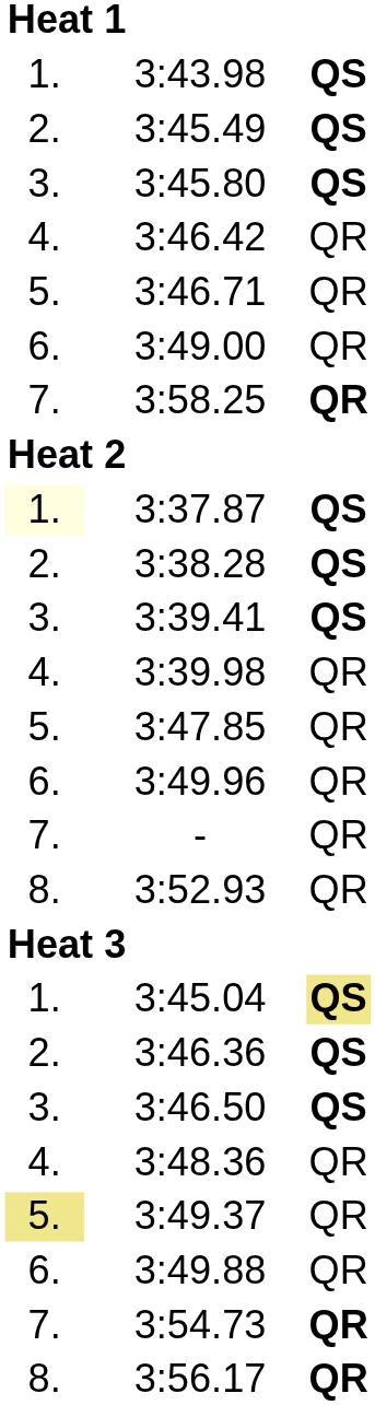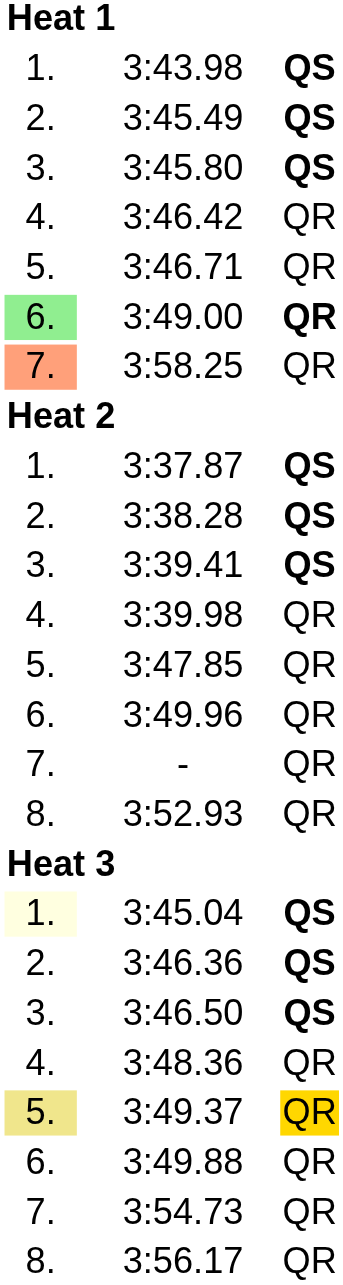 <table style="text-align:center">
 <tr>
 <td colspan=4 align=left><strong>Heat 1</strong></td>
 </tr>
 <tr>
 <td width=30>1.</td>
 <td align=left></td>
 <td width=80>3:43.98</td>
 <td><strong>QS</strong></td>
 </tr>
 <tr>
 <td>2.</td>
 <td align=left></td>
 <td>3:45.49</td>
 <td><strong>QS</strong></td>
 </tr>
 <tr>
 <td>3.</td>
 <td align=left></td>
 <td>3:45.80</td>
 <td><strong>QS</strong></td>
 </tr>
 <tr>
 <td>4.</td>
 <td align=left></td>
 <td>3:46.42</td>
 <td>QR</td>
 </tr>
 <tr>
 <td>5.</td>
 <td align=left></td>
 <td>3:46.71</td>
 <td>QR</td>
 </tr>
 <tr>
-<td>6.</td>
+<td style="background: lightgreen;">6.</td>
 <td align=left></td>
 <td>3:49.00</td>
-<td>QR</td>
+<td><strong>QR</strong></td>
 </tr>
 <tr>
-<td>7.</td>
+<td style="background: lightsalmon;">7.</td>
 <td align=left></td>
 <td>3:58.25</td>
-<td><strong>QR</strong></td>
+<td>QR</td>
 </tr>
 <tr>
 <td colspan=4 align=left><strong>Heat 2</strong></td>
 </tr>
 <tr>
-<td style="background: lightyellow;">1.</td>
+<td>1.</td>
 <td align=left></td>
 <td>3:37.87</td>
 <td><strong>QS</strong></td>
 </tr>
 <tr>
 <td>2.</td>
 <td align=left></td>
 <td>3:38.28</td>
 <td><strong>QS</strong></td>
 </tr>
 <tr>
 <td>3.</td>
 <td align=left></td>
 <td>3:39.41</td>
 <td><strong>QS</strong></td>
 </tr>
 <tr>
 <td>4.</td>
 <td align=left></td>
 <td>3:39.98</td>
 <td>QR</td>
 </tr>
 <tr>
 <td>5.</td>
 <td align=left></td>
 <td>3:47.85</td>
 <td>QR</td>
 </tr>
 <tr>
 <td>6.</td>
 <td align=left></td>
 <td>3:49.96</td>
 <td>QR</td>
 </tr>
 <tr>
 <td>7.</td>
 <td align=left></td>
 <td>-</td>
 <td>QR</td>
 </tr>
 <tr>
 <td>8.</td>
 <td align=left></td>
 <td>3:52.93</td>
 <td>QR</td>
 </tr>
 <tr>
 <td colspan=4 align=left><strong>Heat 3</strong></td>
 </tr>
 <tr>
-<td>1.</td>
+<td style="background: lightyellow;">1.</td>
 <td align=left></td>
 <td>3:45.04</td>
-<td style="background: khaki;"><strong>QS</strong></td>
+<td><strong>QS</strong></td>
 </tr>
 <tr>
 <td>2.</td>
 <td align=left></td>
 <td>3:46.36</td>
 <td><strong>QS</strong></td>
 </tr>
 <tr>
 <td>3.</td>
 <td align=left></td>
 <td>3:46.50</td>
 <td><strong>QS</strong></td>
 </tr>
 <tr>
 <td>4.</td>
 <td align=left></td>
 <td>3:48.36</td>
 <td>QR</td>
 </tr>
 <tr>
 <td style="background: khaki;">5.</td>
 <td align=left></td>
 <td>3:49.37</td>
-<td>QR</td>
+<td style="background: gold;">QR</td>
 </tr>
 <tr>
 <td>6.</td>
 <td align=left></td>
 <td>3:49.88</td>
 <td>QR</td>
 </tr>
 <tr>
 <td>7.</td>
 <td align=left></td>
 <td>3:54.73</td>
-<td><strong>QR</strong></td>
+<td>QR</td>
 </tr>
 <tr>
 <td>8.</td>
 <td align=left></td>
 <td>3:56.17</td>
-<td><strong>QR</strong></td>
+<td>QR</td>
 </tr>
 </table>
